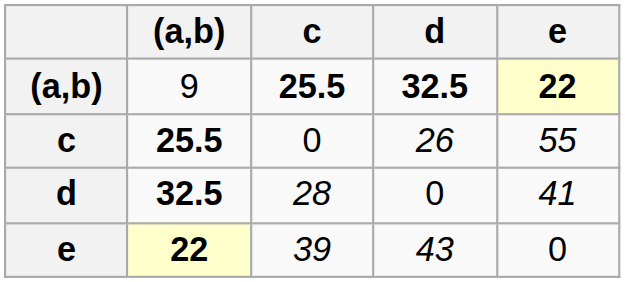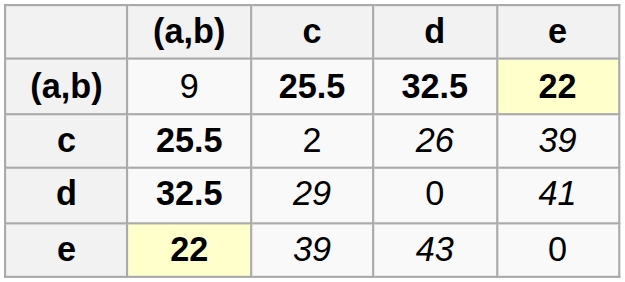 <table class="wikitable" style="text-align: center;">
 <tr>
 <th style="width: 50px;"></th>
 <th style="width: 50px;">(a,b)</th>
 <th style="width: 50px;">c</th>
 <th style="width: 50px;">d</th>
 <th style="width: 50px;">e</th>
 </tr>
 <tr>
 <th>(a,b)</th>
 <td>9</td>
 <td><strong>25.5</strong></td>
 <td><strong>32.5</strong></td>
 <td style=background:#ffffcc;><strong>22</strong></td>
 </tr>
 <tr>
 <th>c</th>
 <td><strong>25.5</strong></td>
-<td>0</td>
+<td>2</td>
 <td><em>26</em></td>
-<td><em>55</em></td>
+<td><em>39</em></td>
 </tr>
 <tr>
 <th>d</th>
 <td><strong>32.5</strong></td>
-<td><em>28</em></td>
+<td><em>29</em></td>
 <td>0</td>
 <td><em>41</em></td>
 </tr>
 <tr>
 <th>e</th>
 <td style=background:#ffffcc;><strong>22</strong></td>
 <td><em>39</em></td>
 <td><em>43</em></td>
 <td>0</td>
 </tr>
 </table>
